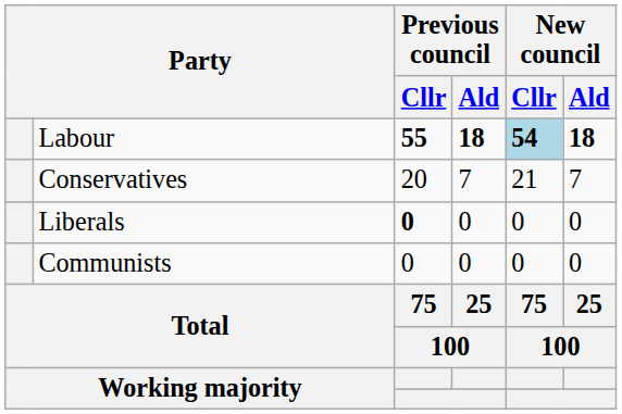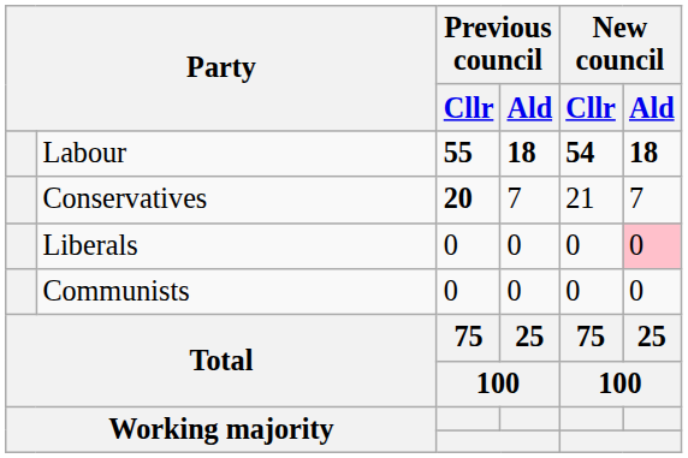 <table class="wikitable">
 <tr>
 <th colspan="2" rowspan="2" style="width: 230px">Party</th>
 <th valign=top colspan="2" style="width: 30px">Previous council</th>
 <th valign=top colspan="2" style="width: 30px">New council</th>
 </tr>
 <tr>
 <th><a href='#'>Cllr</a></th>
 <th><a href='#'>Ald</a></th>
 <th><a href='#'>Cllr</a></th>
 <th><a href='#'>Ald</a></th>
 </tr>
 <tr>
 <th style="background-color: "></th>
 <td>Labour</td>
 <td><strong>55</strong></td>
 <td><strong>18</strong></td>
-<td style="background: lightblue;"><strong>54</strong></td>
+<td><strong>54</strong></td>
 <td><strong>18</strong></td>
 </tr>
 <tr>
 <th style="background-color: "></th>
 <td>Conservatives</td>
-<td>20</td>
+<td><strong>20</strong></td>
 <td>7</td>
 <td>21</td>
 <td>7</td>
 </tr>
 <tr>
 <th style="background-color: "></th>
 <td>Liberals</td>
-<td><strong>0</strong></td>
 <td>0</td>
 <td>0</td>
 <td>0</td>
+<td style="background: pink;">0</td>
 </tr>
 <tr>
 <th style="background-color: "></th>
 <td>Communists</td>
 <td>0</td>
 <td>0</td>
 <td>0</td>
 <td>0</td>
 </tr>
 <tr>
 <th colspan="2" rowspan="2">Total</th>
 <th style="text-align: center">75</th>
 <th style="text-align: center">25</th>
 <th style="text-align: center">75</th>
 <th style="text-align: center">25</th>
 </tr>
 <tr>
 <th colspan="2" style="text-align: center">100</th>
 <th colspan="2" style="text-align: center">100</th>
 </tr>
 <tr>
 <th colspan="2" rowspan="2">Working majority</th>
 <th></th>
 <th></th>
 <th></th>
 <th></th>
 </tr>
 <tr>
 <th colspan="2"></th>
 <th colspan="2"></th>
 </tr>
 </table>
